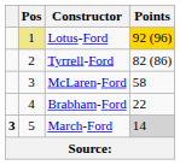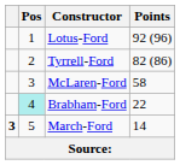 <table class="wikitable" style="font-size: 95%;">
 <tr>
 <th></th>
 <th>Pos</th>
 <th>Constructor</th>
 <th>Points</th>
 </tr>
 <tr>
 <td align="left"></td>
-<td align="center" style="background: khaki;">1</td>
+<td align="center">1</td>
 <td> <a href='#'>Lotus</a>-<a href='#'>Ford</a></td>
-<td align="left" style="background: gold;">92 (96)</td>
+<td align="left">92 (96)</td>
 </tr>
 <tr>
 <td align="left"></td>
 <td align="center">2</td>
 <td> <a href='#'>Tyrrell</a>-<a href='#'>Ford</a></td>
 <td align="left">82 (86)</td>
 </tr>
 <tr>
 <td align="left"></td>
 <td align="center">3</td>
 <td> <a href='#'>McLaren</a>-<a href='#'>Ford</a></td>
 <td align="left">58</td>
 </tr>
 <tr>
 <td align="left"></td>
-<td align="center">4</td>
+<td align="center" style="background: paleturquoise;">4</td>
 <td> <a href='#'>Brabham</a>-<a href='#'>Ford</a></td>
 <td align="left">22</td>
 </tr>
 <tr>
 <td align="left"><strong> 3</strong></td>
 <td align="center">5</td>
 <td> <a href='#'>March</a>-<a href='#'>Ford</a></td>
-<td align="left" style="background: lightgrey;">14</td>
+<td align="left">14</td>
 </tr>
 <tr>
 <th colspan=4>Source:</th>
 </tr>
 </table>
